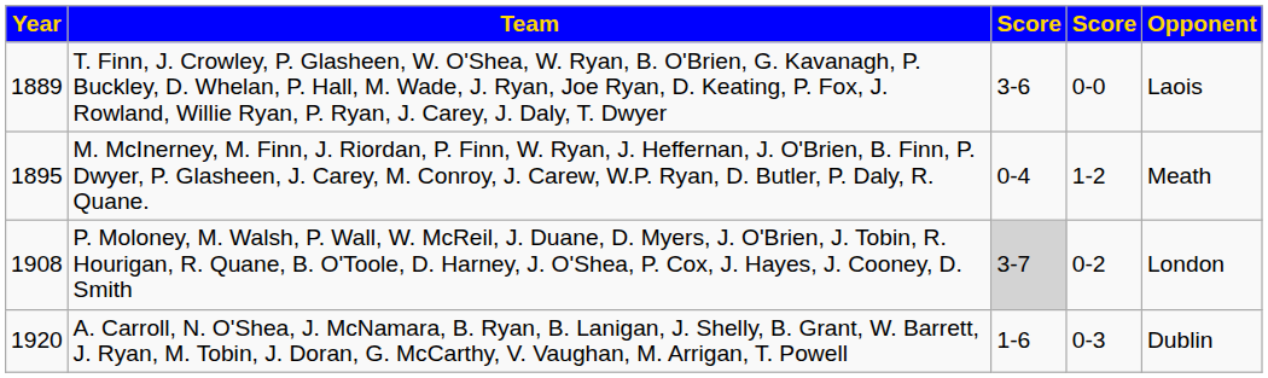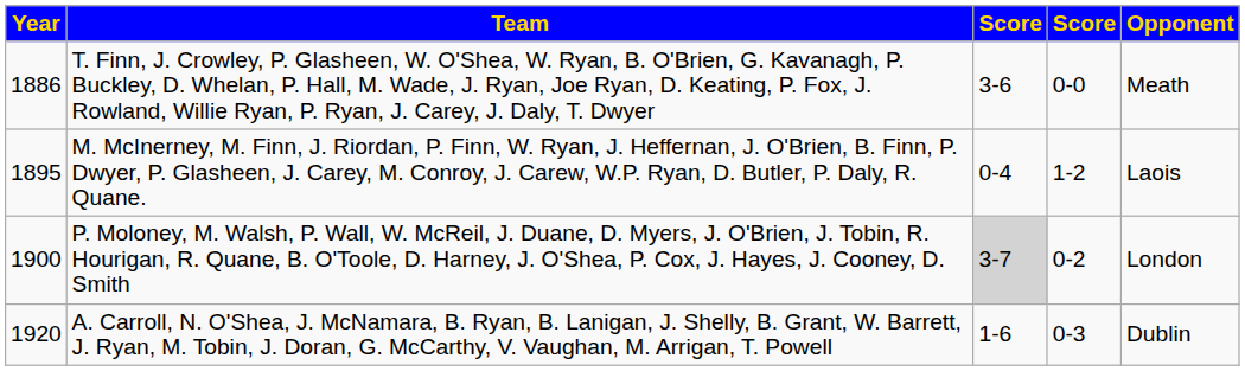 <table class="wikitable">
 <tr style="text-align:center;background:blue;color:gold;">
 <td><strong>Year</strong></td>
 <td><strong>Team</strong></td>
 <td><strong>Score</strong></td>
 <td><strong>Score</strong></td>
 <td><strong>Opponent</strong></td>
 </tr>
 <tr>
-<td>1889</td>
+<td>1886</td>
 <td>T. Finn, J. Crowley, P. Glasheen, W. O'Shea, W. Ryan, B. O'Brien, G. Kavanagh, P. Buckley, D. Whelan, P. Hall, M. Wade, J. Ryan, Joe Ryan, D. Keating, P. Fox, J. Rowland, Willie Ryan, P. Ryan, J. Carey, J. Daly, T. Dwyer</td>
 <td>3-6</td>
 <td>0-0</td>
-<td>Laois</td>
+<td>Meath</td>
 </tr>
 <tr>
 <td>1895</td>
 <td>M. McInerney, M. Finn, J. Riordan, P. Finn, W. Ryan, J. Heffernan, J. O'Brien, B. Finn, P. Dwyer, P. Glasheen, J. Carey, M. Conroy, J. Carew, W.P. Ryan, D. Butler, P. Daly, R. Quane.</td>
 <td>0-4</td>
 <td>1-2</td>
-<td>Meath</td>
+<td>Laois</td>
 </tr>
 <tr>
-<td>1908</td>
+<td>1900</td>
 <td>P. Moloney, M. Walsh, P. Wall, W. McReil, J. Duane, D. Myers, J. O'Brien, J. Tobin, R. Hourigan, R. Quane, B. O'Toole, D. Harney, J. O'Shea, P. Cox, J. Hayes, J. Cooney, D. Smith</td>
 <td style="background: lightgrey;">3-7</td>
 <td>0-2</td>
 <td>London</td>
 </tr>
 <tr>
 <td>1920</td>
 <td>A. Carroll, N. O'Shea, J. McNamara, B. Ryan, B. Lanigan, J. Shelly, B. Grant, W. Barrett, J. Ryan, M. Tobin, J. Doran, G. McCarthy, V. Vaughan, M. Arrigan, T. Powell</td>
 <td>1-6</td>
 <td>0-3</td>
 <td>Dublin</td>
 </tr>
 </table>
